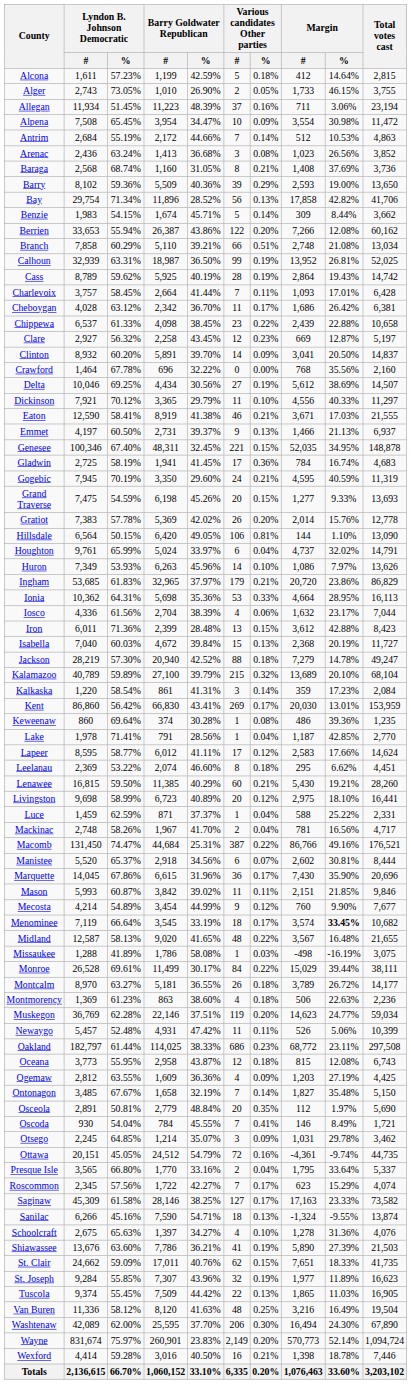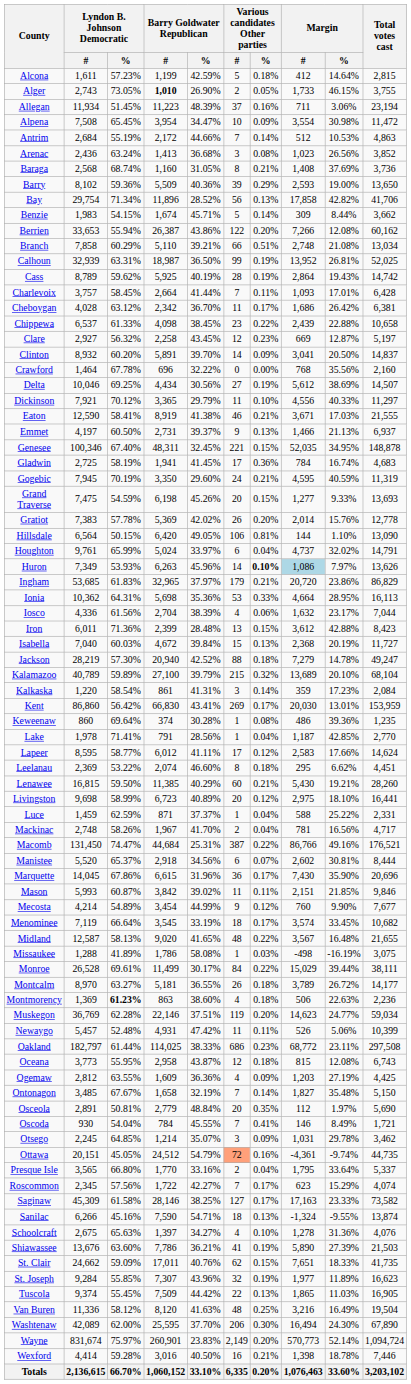 <table class="wikitable sortable">
 <tr>
 <th style="text-align:center;" rowspan="2">County</th>
 <th style="text-align:center;" colspan="2">Lyndon B. Johnson<br>Democratic</th>
 <th style="text-align:center;" colspan="2">Barry Goldwater<br>Republican</th>
 <th style="text-align:center;" colspan="2">Various candidates<br>Other parties</th>
 <th style="text-align:center;" colspan="2">Margin</th>
 <th style="text-align:center;" rowspan="2">Total votes cast</th>
 </tr>
 <tr>
 <th style="text-align:center;" data-sort-type="number">#</th>
 <th style="text-align:center;" data-sort-type="number">%</th>
 <th style="text-align:center;" data-sort-type="number">#</th>
 <th style="text-align:center;" data-sort-type="number">%</th>
 <th style="text-align:center;" data-sort-type="number">#</th>
 <th style="text-align:center;" data-sort-type="number">%</th>
 <th style="text-align:center;" data-sort-type="number">#</th>
 <th style="text-align:center;" data-sort-type="number">%</th>
 </tr>
 <tr style="text-align:center;">
 <td><a href='#'>Alcona</a></td>
 <td>1,611</td>
 <td>57.23%</td>
 <td>1,199</td>
 <td>42.59%</td>
 <td>5</td>
 <td>0.18%</td>
 <td>412</td>
 <td>14.64%</td>
 <td>2,815</td>
 </tr>
 <tr style="text-align:center;">
 <td><a href='#'>Alger</a></td>
 <td>2,743</td>
 <td>73.05%</td>
-<td>1,010</td>
+<td><strong>1,010</strong></td>
 <td>26.90%</td>
 <td>2</td>
 <td>0.05%</td>
 <td>1,733</td>
 <td>46.15%</td>
 <td>3,755</td>
 </tr>
 <tr style="text-align:center;">
 <td><a href='#'>Allegan</a></td>
 <td>11,934</td>
 <td>51.45%</td>
 <td>11,223</td>
 <td>48.39%</td>
 <td>37</td>
 <td>0.16%</td>
 <td>711</td>
 <td>3.06%</td>
 <td>23,194</td>
 </tr>
 <tr style="text-align:center;">
 <td><a href='#'>Alpena</a></td>
 <td>7,508</td>
 <td>65.45%</td>
 <td>3,954</td>
 <td>34.47%</td>
 <td>10</td>
 <td>0.09%</td>
 <td>3,554</td>
 <td>30.98%</td>
 <td>11,472</td>
 </tr>
 <tr style="text-align:center;">
 <td><a href='#'>Antrim</a></td>
 <td>2,684</td>
 <td>55.19%</td>
 <td>2,172</td>
 <td>44.66%</td>
 <td>7</td>
 <td>0.14%</td>
 <td>512</td>
 <td>10.53%</td>
 <td>4,863</td>
 </tr>
 <tr style="text-align:center;">
 <td><a href='#'>Arenac</a></td>
 <td>2,436</td>
 <td>63.24%</td>
 <td>1,413</td>
 <td>36.68%</td>
 <td>3</td>
 <td>0.08%</td>
 <td>1,023</td>
 <td>26.56%</td>
 <td>3,852</td>
 </tr>
 <tr style="text-align:center;">
 <td><a href='#'>Baraga</a></td>
 <td>2,568</td>
 <td>68.74%</td>
 <td>1,160</td>
 <td>31.05%</td>
 <td>8</td>
 <td>0.21%</td>
 <td>1,408</td>
 <td>37.69%</td>
 <td>3,736</td>
 </tr>
 <tr style="text-align:center;">
 <td><a href='#'>Barry</a></td>
 <td>8,102</td>
 <td>59.36%</td>
 <td>5,509</td>
 <td>40.36%</td>
 <td>39</td>
 <td>0.29%</td>
 <td>2,593</td>
 <td>19.00%</td>
 <td>13,650</td>
 </tr>
 <tr style="text-align:center;">
 <td><a href='#'>Bay</a></td>
 <td>29,754</td>
 <td>71.34%</td>
 <td>11,896</td>
 <td>28.52%</td>
 <td>56</td>
 <td>0.13%</td>
 <td>17,858</td>
 <td>42.82%</td>
 <td>41,706</td>
 </tr>
 <tr style="text-align:center;">
 <td><a href='#'>Benzie</a></td>
 <td>1,983</td>
 <td>54.15%</td>
 <td>1,674</td>
 <td>45.71%</td>
 <td>5</td>
 <td>0.14%</td>
 <td>309</td>
 <td>8.44%</td>
 <td>3,662</td>
 </tr>
 <tr style="text-align:center;">
 <td><a href='#'>Berrien</a></td>
 <td>33,653</td>
 <td>55.94%</td>
 <td>26,387</td>
 <td>43.86%</td>
 <td>122</td>
 <td>0.20%</td>
 <td>7,266</td>
 <td>12.08%</td>
 <td>60,162</td>
 </tr>
 <tr style="text-align:center;">
 <td><a href='#'>Branch</a></td>
 <td>7,858</td>
 <td>60.29%</td>
 <td>5,110</td>
 <td>39.21%</td>
 <td>66</td>
 <td>0.51%</td>
 <td>2,748</td>
 <td>21.08%</td>
 <td>13,034</td>
 </tr>
 <tr style="text-align:center;">
 <td><a href='#'>Calhoun</a></td>
 <td>32,939</td>
 <td>63.31%</td>
 <td>18,987</td>
 <td>36.50%</td>
 <td>99</td>
 <td>0.19%</td>
 <td>13,952</td>
 <td>26.81%</td>
 <td>52,025</td>
 </tr>
 <tr style="text-align:center;">
 <td><a href='#'>Cass</a></td>
 <td>8,789</td>
 <td>59.62%</td>
 <td>5,925</td>
 <td>40.19%</td>
 <td>28</td>
 <td>0.19%</td>
 <td>2,864</td>
 <td>19.43%</td>
 <td>14,742</td>
 </tr>
 <tr style="text-align:center;">
 <td><a href='#'>Charlevoix</a></td>
 <td>3,757</td>
 <td>58.45%</td>
 <td>2,664</td>
 <td>41.44%</td>
 <td>7</td>
 <td>0.11%</td>
 <td>1,093</td>
 <td>17.01%</td>
 <td>6,428</td>
 </tr>
 <tr style="text-align:center;">
 <td><a href='#'>Cheboygan</a></td>
 <td>4,028</td>
 <td>63.12%</td>
 <td>2,342</td>
 <td>36.70%</td>
 <td>11</td>
 <td>0.17%</td>
 <td>1,686</td>
 <td>26.42%</td>
 <td>6,381</td>
 </tr>
 <tr style="text-align:center;">
 <td><a href='#'>Chippewa</a></td>
 <td>6,537</td>
 <td>61.33%</td>
 <td>4,098</td>
 <td>38.45%</td>
 <td>23</td>
 <td>0.22%</td>
 <td>2,439</td>
 <td>22.88%</td>
 <td>10,658</td>
 </tr>
 <tr style="text-align:center;">
 <td><a href='#'>Clare</a></td>
 <td>2,927</td>
 <td>56.32%</td>
 <td>2,258</td>
 <td>43.45%</td>
 <td>12</td>
 <td>0.23%</td>
 <td>669</td>
 <td>12.87%</td>
 <td>5,197</td>
 </tr>
 <tr style="text-align:center;">
 <td><a href='#'>Clinton</a></td>
 <td>8,932</td>
 <td>60.20%</td>
 <td>5,891</td>
 <td>39.70%</td>
 <td>14</td>
 <td>0.09%</td>
 <td>3,041</td>
 <td>20.50%</td>
 <td>14,837</td>
 </tr>
 <tr style="text-align:center;">
 <td><a href='#'>Crawford</a></td>
 <td>1,464</td>
 <td>67.78%</td>
 <td>696</td>
 <td>32.22%</td>
 <td>0</td>
 <td>0.00%</td>
 <td>768</td>
 <td>35.56%</td>
 <td>2,160</td>
 </tr>
 <tr style="text-align:center;">
 <td><a href='#'>Delta</a></td>
 <td>10,046</td>
 <td>69.25%</td>
 <td>4,434</td>
 <td>30.56%</td>
 <td>27</td>
 <td>0.19%</td>
 <td>5,612</td>
 <td>38.69%</td>
 <td>14,507</td>
 </tr>
 <tr style="text-align:center;">
 <td><a href='#'>Dickinson</a></td>
 <td>7,921</td>
 <td>70.12%</td>
 <td>3,365</td>
 <td>29.79%</td>
 <td>11</td>
 <td>0.10%</td>
 <td>4,556</td>
 <td>40.33%</td>
 <td>11,297</td>
 </tr>
 <tr style="text-align:center;">
 <td><a href='#'>Eaton</a></td>
 <td>12,590</td>
 <td>58.41%</td>
 <td>8,919</td>
 <td>41.38%</td>
 <td>46</td>
 <td>0.21%</td>
 <td>3,671</td>
 <td>17.03%</td>
 <td>21,555</td>
 </tr>
 <tr style="text-align:center;">
 <td><a href='#'>Emmet</a></td>
 <td>4,197</td>
 <td>60.50%</td>
 <td>2,731</td>
 <td>39.37%</td>
 <td>9</td>
 <td>0.13%</td>
 <td>1,466</td>
 <td>21.13%</td>
 <td>6,937</td>
 </tr>
 <tr style="text-align:center;">
 <td><a href='#'>Genesee</a></td>
 <td>100,346</td>
 <td>67.40%</td>
 <td>48,311</td>
 <td>32.45%</td>
 <td>221</td>
 <td>0.15%</td>
 <td>52,035</td>
 <td>34.95%</td>
 <td>148,878</td>
 </tr>
 <tr style="text-align:center;">
 <td><a href='#'>Gladwin</a></td>
 <td>2,725</td>
 <td>58.19%</td>
 <td>1,941</td>
 <td>41.45%</td>
 <td>17</td>
 <td>0.36%</td>
 <td>784</td>
 <td>16.74%</td>
 <td>4,683</td>
 </tr>
 <tr style="text-align:center;">
 <td><a href='#'>Gogebic</a></td>
 <td>7,945</td>
 <td>70.19%</td>
 <td>3,350</td>
 <td>29.60%</td>
 <td>24</td>
 <td>0.21%</td>
 <td>4,595</td>
 <td>40.59%</td>
 <td>11,319</td>
 </tr>
 <tr style="text-align:center;">
 <td><a href='#'>Grand Traverse</a></td>
 <td>7,475</td>
 <td>54.59%</td>
 <td>6,198</td>
 <td>45.26%</td>
 <td>20</td>
 <td>0.15%</td>
 <td>1,277</td>
 <td>9.33%</td>
 <td>13,693</td>
 </tr>
 <tr style="text-align:center;">
 <td><a href='#'>Gratiot</a></td>
 <td>7,383</td>
 <td>57.78%</td>
 <td>5,369</td>
 <td>42.02%</td>
 <td>26</td>
 <td>0.20%</td>
 <td>2,014</td>
 <td>15.76%</td>
 <td>12,778</td>
 </tr>
 <tr style="text-align:center;">
 <td><a href='#'>Hillsdale</a></td>
 <td>6,564</td>
 <td>50.15%</td>
 <td>6,420</td>
 <td>49.05%</td>
 <td>106</td>
 <td>0.81%</td>
 <td>144</td>
 <td>1.10%</td>
 <td>13,090</td>
 </tr>
 <tr style="text-align:center;">
 <td><a href='#'>Houghton</a></td>
 <td>9,761</td>
 <td>65.99%</td>
 <td>5,024</td>
 <td>33.97%</td>
 <td>6</td>
 <td>0.04%</td>
 <td>4,737</td>
 <td>32.02%</td>
 <td>14,791</td>
 </tr>
 <tr style="text-align:center;">
 <td><a href='#'>Huron</a></td>
 <td>7,349</td>
 <td>53.93%</td>
 <td>6,263</td>
 <td>45.96%</td>
 <td>14</td>
-<td>0.10%</td>
-<td>1,086</td>
+<td><strong>0.10%</strong></td>
+<td style="background: lightblue;">1,086</td>
 <td>7.97%</td>
 <td>13,626</td>
 </tr>
 <tr style="text-align:center;">
 <td><a href='#'>Ingham</a></td>
 <td>53,685</td>
 <td>61.83%</td>
 <td>32,965</td>
 <td>37.97%</td>
 <td>179</td>
 <td>0.21%</td>
 <td>20,720</td>
 <td>23.86%</td>
 <td>86,829</td>
 </tr>
 <tr style="text-align:center;">
 <td><a href='#'>Ionia</a></td>
 <td>10,362</td>
 <td>64.31%</td>
 <td>5,698</td>
 <td>35.36%</td>
 <td>53</td>
 <td>0.33%</td>
 <td>4,664</td>
 <td>28.95%</td>
 <td>16,113</td>
 </tr>
 <tr style="text-align:center;">
 <td><a href='#'>Iosco</a></td>
 <td>4,336</td>
 <td>61.56%</td>
 <td>2,704</td>
 <td>38.39%</td>
 <td>4</td>
 <td>0.06%</td>
 <td>1,632</td>
 <td>23.17%</td>
 <td>7,044</td>
 </tr>
 <tr style="text-align:center;">
 <td><a href='#'>Iron</a></td>
 <td>6,011</td>
 <td>71.36%</td>
 <td>2,399</td>
 <td>28.48%</td>
 <td>13</td>
 <td>0.15%</td>
 <td>3,612</td>
 <td>42.88%</td>
 <td>8,423</td>
 </tr>
 <tr style="text-align:center;">
 <td><a href='#'>Isabella</a></td>
 <td>7,040</td>
 <td>60.03%</td>
 <td>4,672</td>
 <td>39.84%</td>
 <td>15</td>
 <td>0.13%</td>
 <td>2,368</td>
 <td>20.19%</td>
 <td>11,727</td>
 </tr>
 <tr style="text-align:center;">
 <td><a href='#'>Jackson</a></td>
 <td>28,219</td>
 <td>57.30%</td>
 <td>20,940</td>
 <td>42.52%</td>
 <td>88</td>
 <td>0.18%</td>
 <td>7,279</td>
 <td>14.78%</td>
 <td>49,247</td>
 </tr>
 <tr style="text-align:center;">
 <td><a href='#'>Kalamazoo</a></td>
 <td>40,789</td>
 <td>59.89%</td>
 <td>27,100</td>
 <td>39.79%</td>
 <td>215</td>
 <td>0.32%</td>
 <td>13,689</td>
 <td>20.10%</td>
 <td>68,104</td>
 </tr>
 <tr style="text-align:center;">
 <td><a href='#'>Kalkaska</a></td>
 <td>1,220</td>
 <td>58.54%</td>
 <td>861</td>
 <td>41.31%</td>
 <td>3</td>
 <td>0.14%</td>
 <td>359</td>
 <td>17.23%</td>
 <td>2,084</td>
 </tr>
 <tr style="text-align:center;">
 <td><a href='#'>Kent</a></td>
 <td>86,860</td>
 <td>56.42%</td>
 <td>66,830</td>
 <td>43.41%</td>
 <td>269</td>
 <td>0.17%</td>
 <td>20,030</td>
 <td>13.01%</td>
 <td>153,959</td>
 </tr>
 <tr style="text-align:center;">
 <td><a href='#'>Keweenaw</a></td>
 <td>860</td>
 <td>69.64%</td>
 <td>374</td>
 <td>30.28%</td>
 <td>1</td>
 <td>0.08%</td>
 <td>486</td>
 <td>39.36%</td>
 <td>1,235</td>
 </tr>
 <tr style="text-align:center;">
 <td><a href='#'>Lake</a></td>
 <td>1,978</td>
 <td>71.41%</td>
 <td>791</td>
 <td>28.56%</td>
 <td>1</td>
 <td>0.04%</td>
 <td>1,187</td>
 <td>42.85%</td>
 <td>2,770</td>
 </tr>
 <tr style="text-align:center;">
 <td><a href='#'>Lapeer</a></td>
 <td>8,595</td>
 <td>58.77%</td>
 <td>6,012</td>
 <td>41.11%</td>
 <td>17</td>
 <td>0.12%</td>
 <td>2,583</td>
 <td>17.66%</td>
 <td>14,624</td>
 </tr>
 <tr style="text-align:center;">
 <td><a href='#'>Leelanau</a></td>
 <td>2,369</td>
 <td>53.22%</td>
 <td>2,074</td>
 <td>46.60%</td>
 <td>8</td>
 <td>0.18%</td>
 <td>295</td>
 <td>6.62%</td>
 <td>4,451</td>
 </tr>
 <tr style="text-align:center;">
 <td><a href='#'>Lenawee</a></td>
 <td>16,815</td>
 <td>59.50%</td>
 <td>11,385</td>
 <td>40.29%</td>
 <td>60</td>
 <td>0.21%</td>
 <td>5,430</td>
 <td>19.21%</td>
 <td>28,260</td>
 </tr>
 <tr style="text-align:center;">
 <td><a href='#'>Livingston</a></td>
 <td>9,698</td>
 <td>58.99%</td>
 <td>6,723</td>
 <td>40.89%</td>
 <td>20</td>
 <td>0.12%</td>
 <td>2,975</td>
 <td>18.10%</td>
 <td>16,441</td>
 </tr>
 <tr style="text-align:center;">
 <td><a href='#'>Luce</a></td>
 <td>1,459</td>
 <td>62.59%</td>
 <td>871</td>
 <td>37.37%</td>
 <td>1</td>
 <td>0.04%</td>
 <td>588</td>
 <td>25.22%</td>
 <td>2,331</td>
 </tr>
 <tr style="text-align:center;">
 <td><a href='#'>Mackinac</a></td>
 <td>2,748</td>
 <td>58.26%</td>
 <td>1,967</td>
 <td>41.70%</td>
 <td>2</td>
 <td>0.04%</td>
 <td>781</td>
 <td>16.56%</td>
 <td>4,717</td>
 </tr>
 <tr style="text-align:center;">
 <td><a href='#'>Macomb</a></td>
 <td>131,450</td>
 <td>74.47%</td>
 <td>44,684</td>
 <td>25.31%</td>
 <td>387</td>
 <td>0.22%</td>
 <td>86,766</td>
 <td>49.16%</td>
 <td>176,521</td>
 </tr>
 <tr style="text-align:center;">
 <td><a href='#'>Manistee</a></td>
 <td>5,520</td>
 <td>65.37%</td>
 <td>2,918</td>
 <td>34.56%</td>
 <td>6</td>
 <td>0.07%</td>
 <td>2,602</td>
 <td>30.81%</td>
 <td>8,444</td>
 </tr>
 <tr style="text-align:center;">
 <td><a href='#'>Marquette</a></td>
 <td>14,045</td>
 <td>67.86%</td>
 <td>6,615</td>
 <td>31.96%</td>
 <td>36</td>
 <td>0.17%</td>
 <td>7,430</td>
 <td>35.90%</td>
 <td>20,696</td>
 </tr>
 <tr style="text-align:center;">
 <td><a href='#'>Mason</a></td>
 <td>5,993</td>
 <td>60.87%</td>
 <td>3,842</td>
 <td>39.02%</td>
 <td>11</td>
 <td>0.11%</td>
 <td>2,151</td>
 <td>21.85%</td>
 <td>9,846</td>
 </tr>
 <tr style="text-align:center;">
 <td><a href='#'>Mecosta</a></td>
 <td>4,214</td>
 <td>54.89%</td>
 <td>3,454</td>
 <td>44.99%</td>
 <td>9</td>
 <td>0.12%</td>
 <td>760</td>
 <td>9.90%</td>
 <td>7,677</td>
 </tr>
 <tr style="text-align:center;">
 <td><a href='#'>Menominee</a></td>
 <td>7,119</td>
 <td>66.64%</td>
 <td>3,545</td>
 <td>33.19%</td>
 <td>18</td>
 <td>0.17%</td>
 <td>3,574</td>
-<td><strong>33.45%</strong></td>
+<td>33.45%</td>
 <td>10,682</td>
 </tr>
 <tr style="text-align:center;">
 <td><a href='#'>Midland</a></td>
 <td>12,587</td>
 <td>58.13%</td>
 <td>9,020</td>
 <td>41.65%</td>
 <td>48</td>
 <td>0.22%</td>
 <td>3,567</td>
 <td>16.48%</td>
 <td>21,655</td>
 </tr>
 <tr style="text-align:center;">
 <td><a href='#'>Missaukee</a></td>
 <td>1,288</td>
 <td>41.89%</td>
 <td>1,786</td>
 <td>58.08%</td>
 <td>1</td>
 <td>0.03%</td>
 <td>-498</td>
 <td>-16.19%</td>
 <td>3,075</td>
 </tr>
 <tr style="text-align:center;">
 <td><a href='#'>Monroe</a></td>
 <td>26,528</td>
 <td>69.61%</td>
 <td>11,499</td>
 <td>30.17%</td>
 <td>84</td>
 <td>0.22%</td>
 <td>15,029</td>
 <td>39.44%</td>
 <td>38,111</td>
 </tr>
 <tr style="text-align:center;">
 <td><a href='#'>Montcalm</a></td>
 <td>8,970</td>
 <td>63.27%</td>
 <td>5,181</td>
 <td>36.55%</td>
 <td>26</td>
 <td>0.18%</td>
 <td>3,789</td>
 <td>26.72%</td>
 <td>14,177</td>
 </tr>
 <tr style="text-align:center;">
 <td><a href='#'>Montmorency</a></td>
 <td>1,369</td>
-<td>61.23%</td>
+<td><strong>61.23%</strong></td>
 <td>863</td>
 <td>38.60%</td>
 <td>4</td>
 <td>0.18%</td>
 <td>506</td>
 <td>22.63%</td>
 <td>2,236</td>
 </tr>
 <tr style="text-align:center;">
 <td><a href='#'>Muskegon</a></td>
 <td>36,769</td>
 <td>62.28%</td>
 <td>22,146</td>
 <td>37.51%</td>
 <td>119</td>
 <td>0.20%</td>
 <td>14,623</td>
 <td>24.77%</td>
 <td>59,034</td>
 </tr>
 <tr style="text-align:center;">
 <td><a href='#'>Newaygo</a></td>
 <td>5,457</td>
 <td>52.48%</td>
 <td>4,931</td>
 <td>47.42%</td>
 <td>11</td>
 <td>0.11%</td>
 <td>526</td>
 <td>5.06%</td>
 <td>10,399</td>
 </tr>
 <tr style="text-align:center;">
 <td><a href='#'>Oakland</a></td>
 <td>182,797</td>
 <td>61.44%</td>
 <td>114,025</td>
 <td>38.33%</td>
 <td>686</td>
 <td>0.23%</td>
 <td>68,772</td>
 <td>23.11%</td>
 <td>297,508</td>
 </tr>
 <tr style="text-align:center;">
 <td><a href='#'>Oceana</a></td>
 <td>3,773</td>
 <td>55.95%</td>
 <td>2,958</td>
 <td>43.87%</td>
 <td>12</td>
 <td>0.18%</td>
 <td>815</td>
 <td>12.08%</td>
 <td>6,743</td>
 </tr>
 <tr style="text-align:center;">
 <td><a href='#'>Ogemaw</a></td>
 <td>2,812</td>
 <td>63.55%</td>
 <td>1,609</td>
 <td>36.36%</td>
 <td>4</td>
 <td>0.09%</td>
 <td>1,203</td>
 <td>27.19%</td>
 <td>4,425</td>
 </tr>
 <tr style="text-align:center;">
 <td><a href='#'>Ontonagon</a></td>
 <td>3,485</td>
 <td>67.67%</td>
 <td>1,658</td>
 <td>32.19%</td>
 <td>7</td>
 <td>0.14%</td>
 <td>1,827</td>
 <td>35.48%</td>
 <td>5,150</td>
 </tr>
 <tr style="text-align:center;">
 <td><a href='#'>Osceola</a></td>
 <td>2,891</td>
 <td>50.81%</td>
 <td>2,779</td>
 <td>48.84%</td>
 <td>20</td>
 <td>0.35%</td>
 <td>112</td>
 <td>1.97%</td>
 <td>5,690</td>
 </tr>
 <tr style="text-align:center;">
 <td><a href='#'>Oscoda</a></td>
 <td>930</td>
 <td>54.04%</td>
 <td>784</td>
 <td>45.55%</td>
 <td>7</td>
 <td>0.41%</td>
 <td>146</td>
 <td>8.49%</td>
 <td>1,721</td>
 </tr>
 <tr style="text-align:center;">
 <td><a href='#'>Otsego</a></td>
 <td>2,245</td>
 <td>64.85%</td>
 <td>1,214</td>
 <td>35.07%</td>
 <td>3</td>
 <td>0.09%</td>
 <td>1,031</td>
 <td>29.78%</td>
 <td>3,462</td>
 </tr>
 <tr style="text-align:center;">
 <td><a href='#'>Ottawa</a></td>
 <td>20,151</td>
 <td>45.05%</td>
 <td>24,512</td>
 <td>54.79%</td>
-<td>72</td>
+<td style="background: lightsalmon;">72</td>
 <td>0.16%</td>
 <td>-4,361</td>
 <td>-9.74%</td>
 <td>44,735</td>
 </tr>
 <tr style="text-align:center;">
 <td><a href='#'>Presque Isle</a></td>
 <td>3,565</td>
 <td>66.80%</td>
 <td>1,770</td>
 <td>33.16%</td>
 <td>2</td>
 <td>0.04%</td>
 <td>1,795</td>
 <td>33.64%</td>
 <td>5,337</td>
 </tr>
 <tr style="text-align:center;">
 <td><a href='#'>Roscommon</a></td>
 <td>2,345</td>
 <td>57.56%</td>
 <td>1,722</td>
 <td>42.27%</td>
 <td>7</td>
 <td>0.17%</td>
 <td>623</td>
 <td>15.29%</td>
 <td>4,074</td>
 </tr>
 <tr style="text-align:center;">
 <td><a href='#'>Saginaw</a></td>
 <td>45,309</td>
 <td>61.58%</td>
 <td>28,146</td>
 <td>38.25%</td>
 <td>127</td>
 <td>0.17%</td>
 <td>17,163</td>
 <td>23.33%</td>
 <td>73,582</td>
 </tr>
 <tr style="text-align:center;">
 <td><a href='#'>Sanilac</a></td>
 <td>6,266</td>
 <td>45.16%</td>
 <td>7,590</td>
 <td>54.71%</td>
 <td>18</td>
 <td>0.13%</td>
 <td>-1,324</td>
 <td>-9.55%</td>
 <td>13,874</td>
 </tr>
 <tr style="text-align:center;">
 <td><a href='#'>Schoolcraft</a></td>
 <td>2,675</td>
 <td>65.63%</td>
 <td>1,397</td>
 <td>34.27%</td>
 <td>4</td>
 <td>0.10%</td>
 <td>1,278</td>
 <td>31.36%</td>
 <td>4,076</td>
 </tr>
 <tr style="text-align:center;">
 <td><a href='#'>Shiawassee</a></td>
 <td>13,676</td>
 <td>63.60%</td>
 <td>7,786</td>
 <td>36.21%</td>
 <td>41</td>
 <td>0.19%</td>
 <td>5,890</td>
 <td>27.39%</td>
 <td>21,503</td>
 </tr>
 <tr style="text-align:center;">
 <td><a href='#'>St. Clair</a></td>
 <td>24,662</td>
 <td>59.09%</td>
 <td>17,011</td>
 <td>40.76%</td>
 <td>62</td>
 <td>0.15%</td>
 <td>7,651</td>
 <td>18.33%</td>
 <td>41,735</td>
 </tr>
 <tr style="text-align:center;">
 <td><a href='#'>St. Joseph</a></td>
 <td>9,284</td>
 <td>55.85%</td>
 <td>7,307</td>
 <td>43.96%</td>
 <td>32</td>
 <td>0.19%</td>
 <td>1,977</td>
 <td>11.89%</td>
 <td>16,623</td>
 </tr>
 <tr style="text-align:center;">
 <td><a href='#'>Tuscola</a></td>
 <td>9,374</td>
 <td>55.45%</td>
 <td>7,509</td>
 <td>44.42%</td>
 <td>22</td>
 <td>0.13%</td>
 <td>1,865</td>
 <td>11.03%</td>
 <td>16,905</td>
 </tr>
 <tr style="text-align:center;">
 <td><a href='#'>Van Buren</a></td>
 <td>11,336</td>
 <td>58.12%</td>
 <td>8,120</td>
 <td>41.63%</td>
 <td>48</td>
 <td>0.25%</td>
 <td>3,216</td>
 <td>16.49%</td>
 <td>19,504</td>
 </tr>
 <tr style="text-align:center;">
 <td><a href='#'>Washtenaw</a></td>
 <td>42,089</td>
 <td>62.00%</td>
 <td>25,595</td>
 <td>37.70%</td>
 <td>206</td>
 <td>0.30%</td>
 <td>16,494</td>
 <td>24.30%</td>
 <td>67,890</td>
 </tr>
 <tr style="text-align:center;">
 <td><a href='#'>Wayne</a></td>
 <td>831,674</td>
 <td>75.97%</td>
 <td>260,901</td>
 <td>23.83%</td>
 <td>2,149</td>
 <td>0.20%</td>
 <td>570,773</td>
 <td>52.14%</td>
 <td>1,094,724</td>
 </tr>
 <tr style="text-align:center;">
 <td><a href='#'>Wexford</a></td>
 <td>4,414</td>
 <td>59.28%</td>
 <td>3,016</td>
 <td>40.50%</td>
 <td>16</td>
 <td>0.21%</td>
 <td>1,398</td>
 <td>18.78%</td>
 <td>7,446</td>
 </tr>
 <tr style="text-align:center;">
 <th>Totals</th>
 <th>2,136,615</th>
 <th>66.70%</th>
 <th>1,060,152</th>
 <th>33.10%</th>
 <th>6,335</th>
 <th>0.20%</th>
 <th>1,076,463</th>
 <th>33.60%</th>
 <th>3,203,102</th>
 </tr>
 </table>
